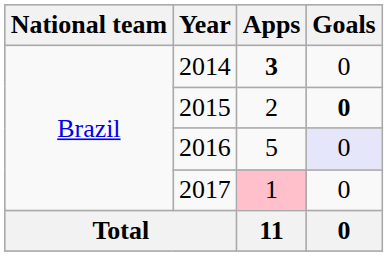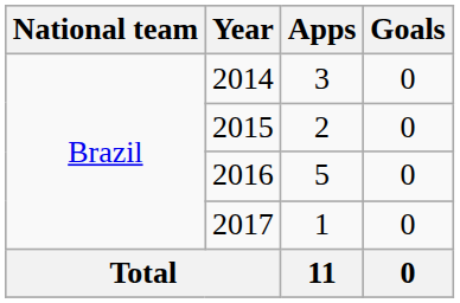 <table class="wikitable" style="text-align:center">
 <tr>
 <th>National team</th>
 <th>Year</th>
 <th>Apps</th>
 <th>Goals</th>
 </tr>
 <tr>
 <td rowspan="4"><a href='#'>Brazil</a></td>
 <td>2014</td>
-<td><strong>3</strong></td>
+<td>3</td>
 <td>0</td>
 </tr>
 <tr>
 <td>2015</td>
 <td>2</td>
-<td><strong>0</strong></td>
+<td>0</td>
 </tr>
 <tr>
 <td>2016</td>
 <td>5</td>
-<td style="background: lavender;">0</td>
+<td>0</td>
 </tr>
 <tr>
 <td>2017</td>
-<td style="background: pink;">1</td>
+<td>1</td>
 <td>0</td>
 </tr>
 <tr>
 <th colspan="2">Total</th>
 <th>11</th>
 <th>0</th>
 </tr>
 </table>
